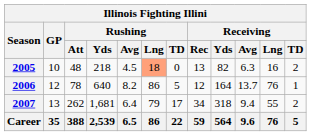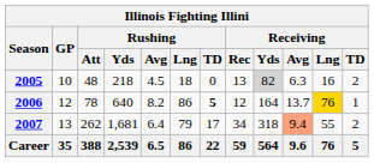 <table class="wikitable" style="text-align:center;">
 <tr>
 <th colspan="13">Illinois Fighting Illini</th>
 </tr>
 <tr>
 <th rowspan="2">Season</th>
 <th rowspan="2">GP</th>
 <th colspan="5">Rushing</th>
 <th colspan="5">Receiving</th>
 </tr>
 <tr>
 <th>Att</th>
 <th>Yds</th>
 <th>Avg</th>
 <th>Lng</th>
 <th>TD</th>
 <th>Rec</th>
 <th>Yds</th>
 <th>Avg</th>
 <th>Lng</th>
 <th>TD</th>
 </tr>
 <tr>
 <th><a href='#'>2005</a></th>
 <td>10</td>
 <td>48</td>
 <td>218</td>
 <td>4.5</td>
-<td style="background: lightsalmon;">18</td>
+<td>18</td>
 <td>0</td>
 <td>13</td>
-<td>82</td>
+<td style="background: lightgrey;">82</td>
 <td>6.3</td>
 <td>16</td>
 <td>2</td>
 </tr>
 <tr>
 <th><a href='#'>2006</a></th>
 <td>12</td>
 <td>78</td>
 <td>640</td>
 <td>8.2</td>
 <td>86</td>
-<td>5</td>
+<td><strong>5</strong></td>
 <td>12</td>
 <td>164</td>
 <td>13.7</td>
-<td>76</td>
+<td style="background: gold;">76</td>
 <td>1</td>
 </tr>
 <tr>
 <th><a href='#'>2007</a></th>
 <td>13</td>
 <td>262</td>
 <td>1,681</td>
 <td>6.4</td>
 <td>79</td>
 <td>17</td>
 <td>34</td>
 <td>318</td>
-<td>9.4</td>
+<td style="background: lightsalmon;">9.4</td>
 <td>55</td>
 <td>2</td>
 </tr>
 <tr>
 <th>Career</th>
 <th>35</th>
 <th>388</th>
 <th>2,539</th>
 <th>6.5</th>
 <th>86</th>
 <th>22</th>
 <th>59</th>
 <th>564</th>
 <th>9.6</th>
 <th>76</th>
 <th>5</th>
 </tr>
 </table>
